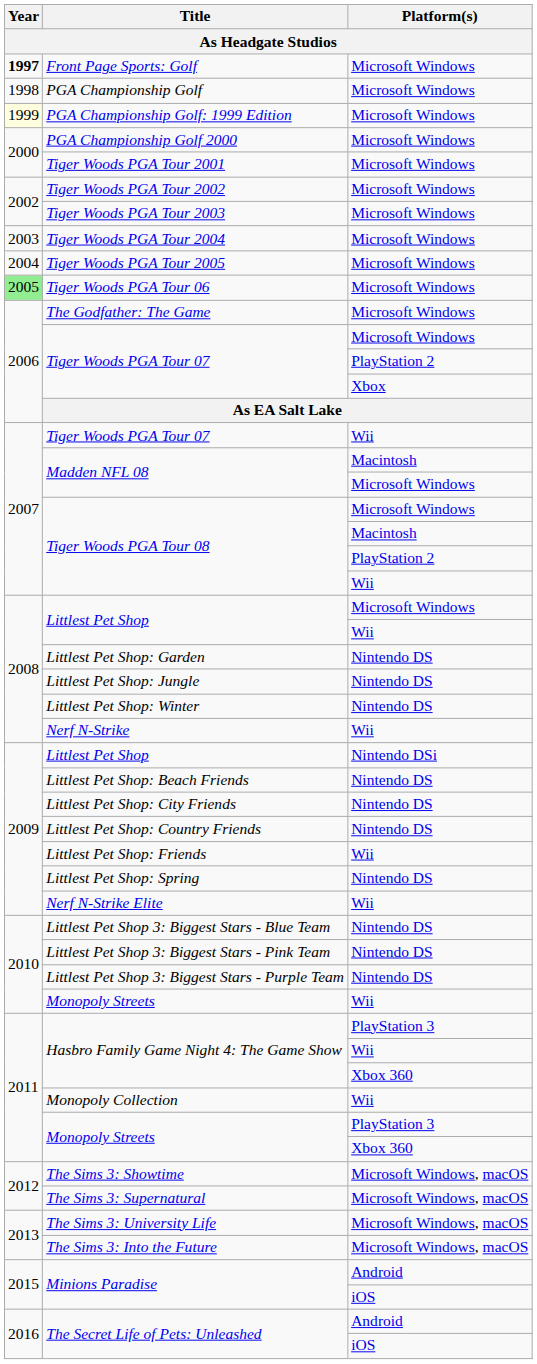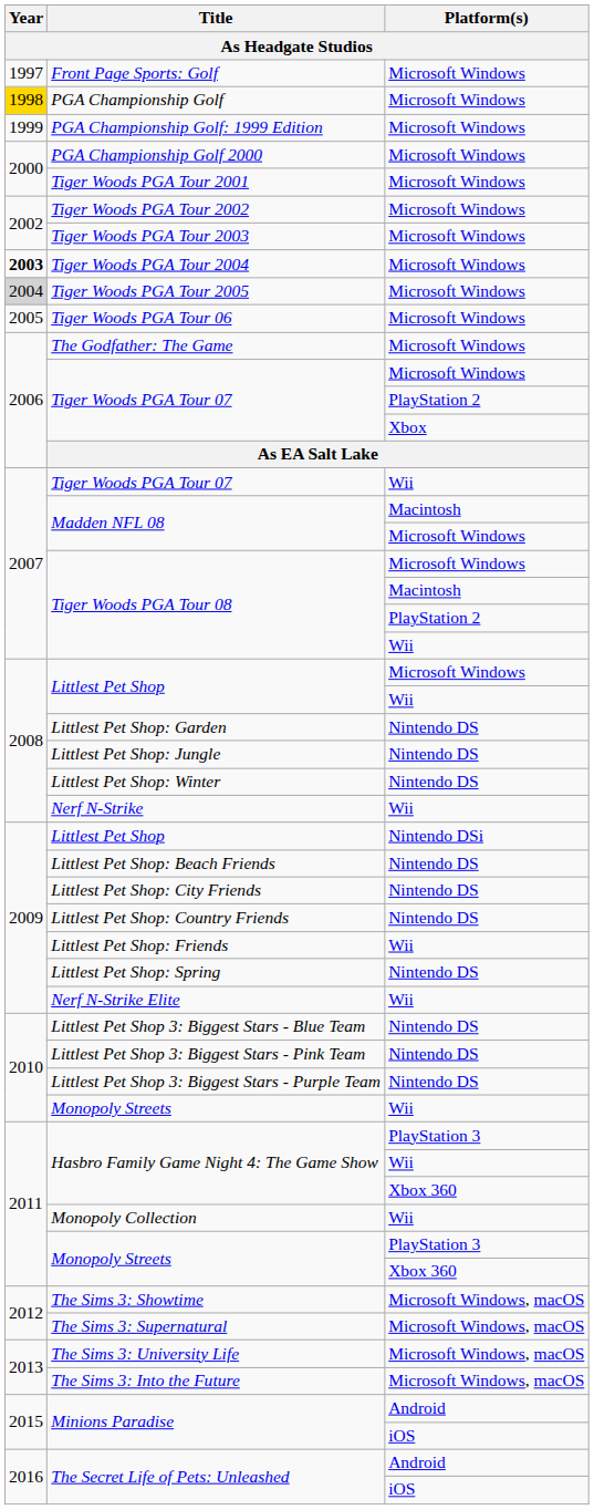 <table class="wikitable sortable">
 <tr>
 <th>Year</th>
 <th>Title</th>
 <th>Platform(s)</th>
 </tr>
 <tr>
 <th colspan="3" style="text-align:center;"><strong>As Headgate Studios</strong></th>
 </tr>
 <tr>
-<td><strong>1997</strong></td>
+<td>1997</td>
 <td><em><a href='#'>Front Page Sports: Golf</a></em></td>
 <td><a href='#'>Microsoft Windows</a></td>
 </tr>
 <tr>
-<td>1998</td>
+<td style="background: gold;">1998</td>
 <td><em>PGA Championship Golf</em></td>
 <td><a href='#'>Microsoft Windows</a></td>
 </tr>
 <tr>
-<td style="background: lightyellow;">1999</td>
+<td>1999</td>
 <td><em><a href='#'>PGA Championship Golf: 1999 Edition</a></em></td>
 <td><a href='#'>Microsoft Windows</a></td>
 </tr>
 <tr>
 <td rowspan="2">2000</td>
 <td><em><a href='#'>PGA Championship Golf 2000</a></em></td>
 <td><a href='#'>Microsoft Windows</a></td>
 </tr>
 <tr>
 <td><em><a href='#'>Tiger Woods PGA Tour 2001</a></em></td>
 <td><a href='#'>Microsoft Windows</a></td>
 </tr>
 <tr>
 <td rowspan="2">2002</td>
 <td><em><a href='#'>Tiger Woods PGA Tour 2002</a></em></td>
 <td><a href='#'>Microsoft Windows</a></td>
 </tr>
 <tr>
 <td><em><a href='#'>Tiger Woods PGA Tour 2003</a></em></td>
 <td><a href='#'>Microsoft Windows</a></td>
 </tr>
 <tr>
-<td>2003</td>
+<td><strong>2003</strong></td>
 <td><em><a href='#'>Tiger Woods PGA Tour 2004</a></em></td>
 <td><a href='#'>Microsoft Windows</a></td>
 </tr>
 <tr>
-<td>2004</td>
+<td style="background: lightgrey;">2004</td>
 <td><em><a href='#'>Tiger Woods PGA Tour 2005</a></em></td>
 <td><a href='#'>Microsoft Windows</a></td>
 </tr>
 <tr>
-<td style="background: lightgreen;">2005</td>
+<td>2005</td>
 <td><em><a href='#'>Tiger Woods PGA Tour 06</a></em></td>
 <td><a href='#'>Microsoft Windows</a></td>
 </tr>
 <tr>
 <td rowspan="5">2006</td>
 <td><em><a href='#'>The Godfather: The Game</a></em></td>
 <td><a href='#'>Microsoft Windows</a></td>
 </tr>
 <tr>
 <td rowspan="3"><em><a href='#'>Tiger Woods PGA Tour 07</a></em></td>
 <td><a href='#'>Microsoft Windows</a></td>
 </tr>
 <tr>
 <td><a href='#'>PlayStation 2</a></td>
 </tr>
 <tr>
 <td><a href='#'>Xbox</a></td>
 </tr>
 <tr>
 <th colspan="3" style="text-align:center;"><strong>As EA Salt Lake</strong></th>
 </tr>
 <tr>
 <td rowspan="7">2007</td>
 <td rowspan="1"><em><a href='#'>Tiger Woods PGA Tour 07</a></em></td>
 <td><a href='#'>Wii</a></td>
 </tr>
 <tr>
 <td rowspan="2"><em><a href='#'>Madden NFL 08</a></em></td>
 <td><a href='#'>Macintosh</a></td>
 </tr>
 <tr>
 <td><a href='#'>Microsoft Windows</a></td>
 </tr>
 <tr>
 <td rowspan="4"><em><a href='#'>Tiger Woods PGA Tour 08</a></em></td>
 <td><a href='#'>Microsoft Windows</a></td>
 </tr>
 <tr>
 <td><a href='#'>Macintosh</a></td>
 </tr>
 <tr>
 <td><a href='#'>PlayStation 2</a></td>
 </tr>
 <tr>
 <td><a href='#'>Wii</a></td>
 </tr>
 <tr>
 <td rowspan="6">2008</td>
 <td rowspan="2"><em><a href='#'>Littlest Pet Shop</a></em></td>
 <td><a href='#'>Microsoft Windows</a></td>
 </tr>
 <tr>
 <td><a href='#'>Wii</a></td>
 </tr>
 <tr>
 <td><em>Littlest Pet Shop: Garden</em></td>
 <td><a href='#'>Nintendo DS</a></td>
 </tr>
 <tr>
 <td><em>Littlest Pet Shop: Jungle</em></td>
 <td><a href='#'>Nintendo DS</a></td>
 </tr>
 <tr>
 <td><em>Littlest Pet Shop: Winter</em></td>
 <td><a href='#'>Nintendo DS</a></td>
 </tr>
 <tr>
 <td><em><a href='#'>Nerf N-Strike</a></em></td>
 <td><a href='#'>Wii</a></td>
 </tr>
 <tr>
 <td rowspan="7">2009</td>
 <td><em><a href='#'>Littlest Pet Shop</a></em></td>
 <td><a href='#'>Nintendo DSi</a></td>
 </tr>
 <tr>
 <td><em>Littlest Pet Shop: Beach Friends</em></td>
 <td><a href='#'>Nintendo DS</a></td>
 </tr>
 <tr>
 <td><em>Littlest Pet Shop: City Friends</em></td>
 <td><a href='#'>Nintendo DS</a></td>
 </tr>
 <tr>
 <td><em>Littlest Pet Shop: Country Friends</em></td>
 <td><a href='#'>Nintendo DS</a></td>
 </tr>
 <tr>
 <td><em>Littlest Pet Shop: Friends</em></td>
 <td><a href='#'>Wii</a></td>
 </tr>
 <tr>
 <td><em>Littlest Pet Shop: Spring</em></td>
 <td><a href='#'>Nintendo DS</a></td>
 </tr>
 <tr>
 <td><em><a href='#'>Nerf N-Strike Elite</a></em></td>
 <td><a href='#'>Wii</a></td>
 </tr>
 <tr>
 <td rowspan="4">2010</td>
 <td><em>Littlest Pet Shop 3: Biggest Stars - Blue Team</em></td>
 <td><a href='#'>Nintendo DS</a></td>
 </tr>
 <tr>
 <td><em>Littlest Pet Shop 3: Biggest Stars - Pink Team</em></td>
 <td><a href='#'>Nintendo DS</a></td>
 </tr>
 <tr>
 <td><em>Littlest Pet Shop 3: Biggest Stars - Purple Team</em></td>
 <td><a href='#'>Nintendo DS</a></td>
 </tr>
 <tr>
 <td><em><a href='#'>Monopoly Streets</a></em></td>
 <td><a href='#'>Wii</a></td>
 </tr>
 <tr>
 <td rowspan="6">2011</td>
 <td rowspan="3"><em>Hasbro Family Game Night 4: The Game Show</em></td>
 <td><a href='#'>PlayStation 3</a></td>
 </tr>
 <tr>
 <td><a href='#'>Wii</a></td>
 </tr>
 <tr>
 <td><a href='#'>Xbox 360</a></td>
 </tr>
 <tr>
 <td><em>Monopoly Collection</em></td>
 <td><a href='#'>Wii</a></td>
 </tr>
 <tr>
 <td rowspan="2"><em><a href='#'>Monopoly Streets</a></em></td>
 <td><a href='#'>PlayStation 3</a></td>
 </tr>
 <tr>
 <td><a href='#'>Xbox 360</a></td>
 </tr>
 <tr>
 <td rowspan="2">2012</td>
 <td><em><a href='#'>The Sims 3: Showtime</a></em></td>
 <td><a href='#'>Microsoft Windows</a>, <a href='#'>macOS</a></td>
 </tr>
 <tr>
 <td><em><a href='#'>The Sims 3: Supernatural</a></em></td>
 <td><a href='#'>Microsoft Windows</a>, <a href='#'>macOS</a></td>
 </tr>
 <tr>
 <td rowspan="2">2013</td>
 <td><em><a href='#'>The Sims 3: University Life</a></em></td>
 <td><a href='#'>Microsoft Windows</a>, <a href='#'>macOS</a></td>
 </tr>
 <tr>
 <td><em><a href='#'>The Sims 3: Into the Future</a></em></td>
 <td><a href='#'>Microsoft Windows</a>, <a href='#'>macOS</a></td>
 </tr>
 <tr>
 <td rowspan="2">2015</td>
 <td rowspan="2"><em><a href='#'>Minions Paradise</a></em></td>
 <td><a href='#'>Android</a></td>
 </tr>
 <tr>
 <td><a href='#'>iOS</a></td>
 </tr>
 <tr>
 <td rowspan="2">2016</td>
 <td rowspan="2"><em><a href='#'>The Secret Life of Pets: Unleashed</a></em></td>
 <td><a href='#'>Android</a></td>
 </tr>
 <tr>
 <td><a href='#'>iOS</a></td>
 </tr>
 </table>
